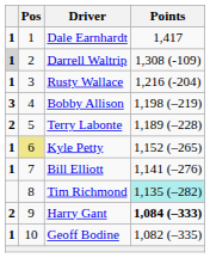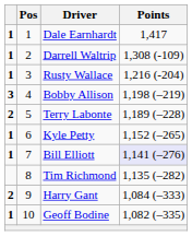 <table class="wikitable" style="font-size: 95%;">
 <tr>
 <th></th>
 <th>Pos</th>
 <th>Driver</th>
 <th>Points</th>
 </tr>
 <tr>
 <td align="left">  <strong>1</strong></td>
 <td style="text-align:center;">1</td>
 <td><a href='#'>Dale Earnhardt</a></td>
 <td style="text-align:center;">1,417</td>
 </tr>
 <tr>
-<td align="left" style="background: lightgrey;">  <strong>1</strong></td>
+<td align="left">  <strong>1</strong></td>
 <td style="text-align:center;">2</td>
 <td><a href='#'>Darrell Waltrip</a></td>
 <td style="text-align:center;">1,308 (-109)</td>
 </tr>
 <tr>
 <td align="left">  <strong>1</strong></td>
 <td style="text-align:center;">3</td>
 <td><a href='#'>Rusty Wallace</a></td>
 <td style="text-align:center;">1,216 (-204)</td>
 </tr>
 <tr>
 <td align="left">  <strong>3</strong></td>
 <td style="text-align:center;">4</td>
 <td><a href='#'>Bobby Allison</a></td>
 <td style="text-align:center;">1,198 (–219)</td>
 </tr>
 <tr>
 <td align="left">  <strong>2</strong></td>
 <td style="text-align:center;">5</td>
 <td><a href='#'>Terry Labonte</a></td>
 <td style="text-align:center;">1,189 (–228)</td>
 </tr>
 <tr>
 <td align="left">  <strong>1</strong></td>
-<td style="background: khaki; text-align:center;">6</td>
+<td style="text-align:center;">6</td>
 <td><a href='#'>Kyle Petty</a></td>
 <td style="text-align:center;">1,152 (–265)</td>
 </tr>
 <tr>
 <td align="left">  <strong>1</strong></td>
 <td style="text-align:center;">7</td>
 <td><a href='#'>Bill Elliott</a></td>
-<td style="text-align:center;">1,141 (–276)</td>
+<td style="background: lavender; text-align:center;">1,141 (–276)</td>
 </tr>
 <tr>
 <td align="left"></td>
 <td style="text-align:center;">8</td>
 <td><a href='#'>Tim Richmond</a></td>
-<td style="background: paleturquoise; text-align:center;">1,135 (–282)</td>
+<td style="text-align:center;">1,135 (–282)</td>
 </tr>
 <tr>
 <td align="left">  <strong>2</strong></td>
 <td style="text-align:center;">9</td>
 <td><a href='#'>Harry Gant</a></td>
-<td style="text-align:center;"><strong>1,084 (–333)</strong></td>
+<td style="text-align:center;">1,084 (–333)</td>
 </tr>
 <tr>
 <td align="left">  <strong>1</strong></td>
 <td style="text-align:center;">10</td>
 <td><a href='#'>Geoff Bodine</a></td>
 <td style="text-align:center;">1,082 (–335)</td>
 </tr>
 <tr class="sortbottom">
 <th colspan="9"></th>
 </tr>
 </table>
